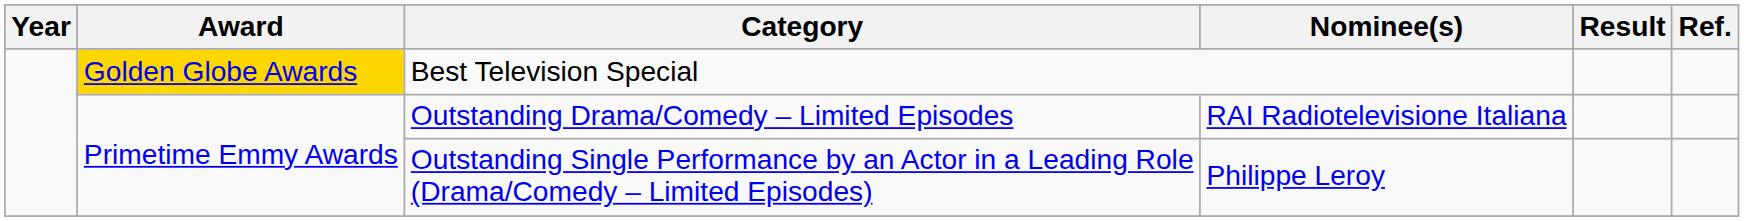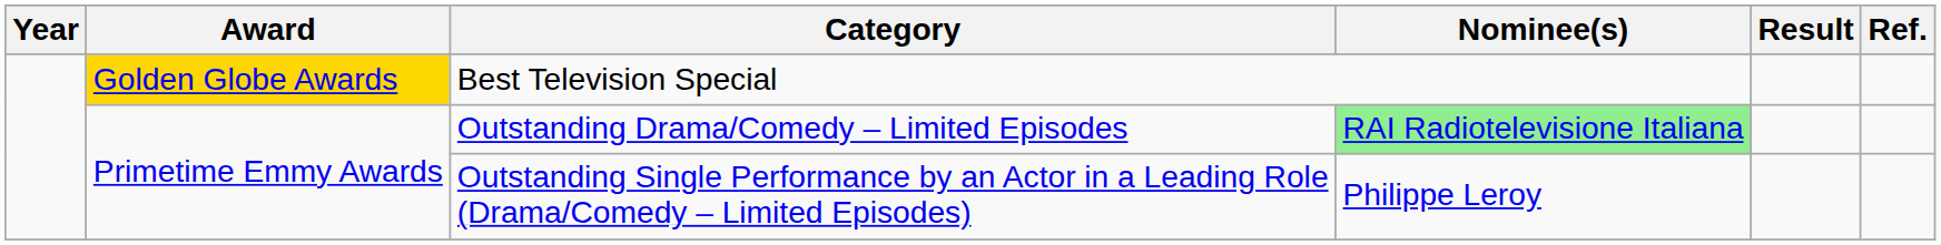 <table class="wikitable sortable">
 <tr>
 <th>Year</th>
 <th>Award</th>
 <th>Category</th>
 <th>Nominee(s)</th>
 <th>Result</th>
 <th>Ref.</th>
 </tr>
 <tr>
 <td rowspan="3"></td>
 <td style="background: gold;"><a href='#'>Golden Globe Awards</a></td>
 <td colspan="2">Best Television Special</td>
 <td></td>
 <td align="center"></td>
 </tr>
 <tr>
 <td rowspan="2"><a href='#'>Primetime Emmy Awards</a></td>
 <td><a href='#'>Outstanding Drama/Comedy – Limited Episodes</a></td>
-<td><a href='#'>RAI Radiotelevisione Italiana</a></td>
+<td style="background: lightgreen;"><a href='#'>RAI Radiotelevisione Italiana</a></td>
 <td></td>
 <td align="center"></td>
 </tr>
 <tr>
 <td><a href='#'>Outstanding Single Performance by an Actor in a Leading Role <br> (Drama/Comedy – Limited Episodes)</a></td>
 <td><a href='#'>Philippe Leroy</a></td>
 <td></td>
 <td align="center"></td>
 </tr>
 </table>
